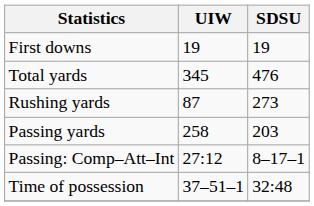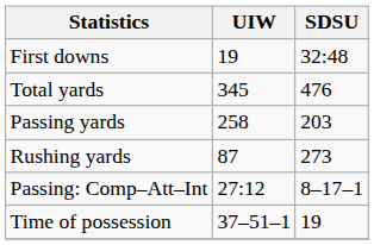 <table class="wikitable" style="float: left;">
 <tr>
 <th>Statistics</th>
 <th>UIW</th>
 <th>SDSU</th>
 </tr>
 <tr>
 <td>First downs</td>
 <td>19</td>
-<td>19</td>
+<td>32:48</td>
 </tr>
 <tr>
 <td>Total yards</td>
 <td>345</td>
 <td>476</td>
 </tr>
 <tr>
+<td>Passing yards</td>
+<td>258</td>
+<td>203</td>
+</tr>
+<tr>
 <td>Rushing yards</td>
 <td>87</td>
 <td>273</td>
-</tr>
-<tr>
-<td>Passing yards</td>
-<td>258</td>
-<td>203</td>
 </tr>
 <tr>
 <td>Passing: Comp–Att–Int</td>
 <td>27:12</td>
 <td>8–17–1</td>
 </tr>
 <tr>
 <td>Time of possession</td>
 <td>37–51–1</td>
-<td>32:48</td>
+<td>19</td>
 </tr>
 <tr>
 </tr>
 </table>
